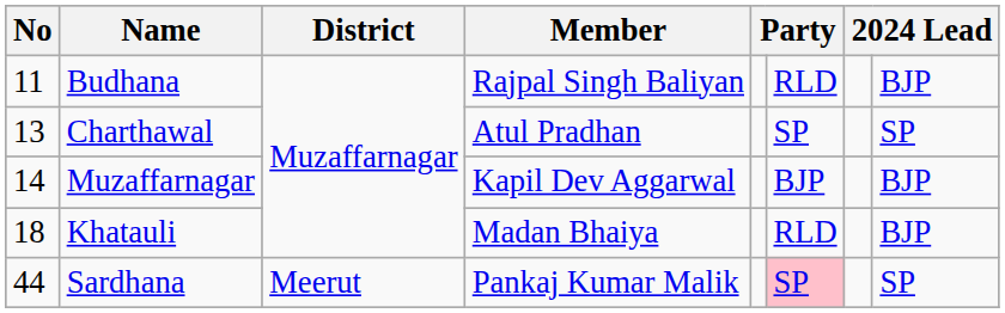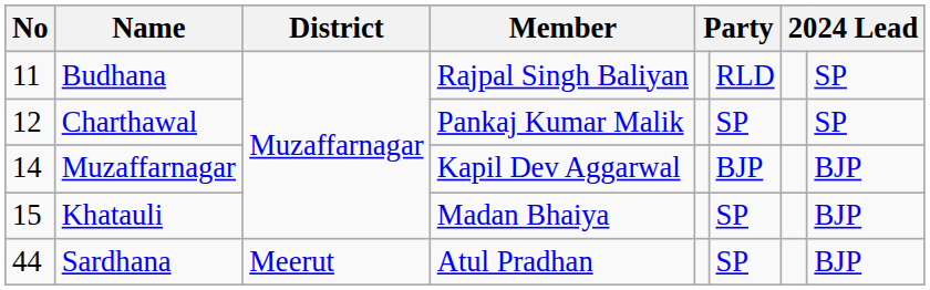 <table class="wikitable">
 <tr>
 <th>No</th>
 <th>Name</th>
 <th>District</th>
 <th>Member</th>
 <th colspan="2">Party</th>
 <th colspan="2">2024 Lead</th>
 </tr>
 <tr>
 <td>11</td>
 <td><a href='#'>Budhana</a></td>
 <td rowspan="4"><a href='#'>Muzaffarnagar</a></td>
 <td><a href='#'>Rajpal Singh Baliyan</a></td>
 <td style="background-color: "></td>
 <td><a href='#'>RLD</a></td>
 <td style="background-color:"></td>
-<td><a href='#'>BJP</a></td>
+<td><a href='#'>SP</a></td>
 </tr>
 <tr>
-<td>13</td>
+<td>12</td>
 <td><a href='#'>Charthawal</a></td>
-<td><a href='#'>Atul Pradhan</a></td>
+<td><a href='#'>Pankaj Kumar Malik</a></td>
 <td style="background-color:"></td>
 <td><a href='#'>SP</a></td>
 <td style="background-color:"></td>
 <td><a href='#'>SP</a></td>
 </tr>
 <tr>
 <td>14</td>
 <td><a href='#'>Muzaffarnagar</a></td>
 <td><a href='#'>Kapil Dev Aggarwal</a></td>
 <td style="background-color:"></td>
 <td><a href='#'>BJP</a></td>
 <td style="background-color:"></td>
 <td><a href='#'>BJP</a></td>
 </tr>
 <tr>
-<td>18</td>
+<td>15</td>
 <td><a href='#'>Khatauli</a></td>
 <td><a href='#'>Madan Bhaiya</a></td>
 <td style="background-color:"></td>
-<td><a href='#'>RLD</a></td>
+<td><a href='#'>SP</a></td>
 <td style="background-color:"></td>
 <td><a href='#'>BJP</a></td>
 </tr>
 <tr>
 <td>44</td>
 <td><a href='#'>Sardhana</a></td>
 <td><a href='#'>Meerut</a></td>
-<td><a href='#'>Pankaj Kumar Malik</a></td>
-<td style="background-color:"></td>
-<td style="background: pink;"><a href='#'>SP</a></td>
+<td><a href='#'>Atul Pradhan</a></td>
 <td style="background-color:"></td>
 <td><a href='#'>SP</a></td>
+<td style="background-color:"></td>
+<td><a href='#'>BJP</a></td>
 </tr>
 </table>
